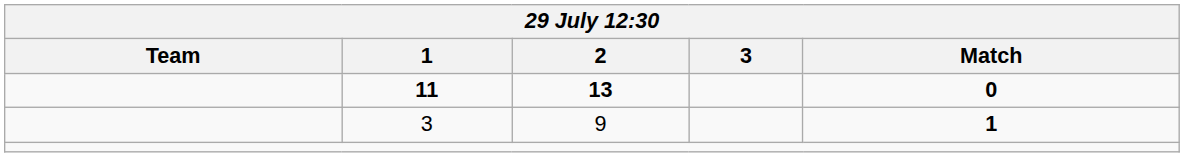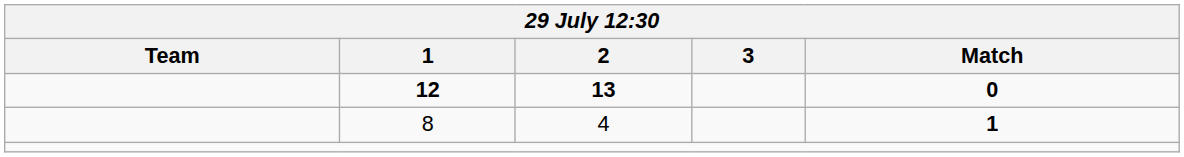 <table class=wikitable style="text-align:center; width: 55%">
 <tr>
 <th colspan=10><em>29 July 12:30</em></th>
 </tr>
 <tr>
 <th>Team</th>
 <th>1</th>
 <th>2</th>
 <th>3</th>
 <th>Match</th>
 </tr>
 <tr>
 <td align=left><strong><br></strong></td>
-<td><strong>11</strong></td>
+<td><strong>12</strong></td>
 <td><strong>13</strong></td>
 <td></td>
 <td><strong>0</strong></td>
 </tr>
 <tr>
 <td align=left><br></td>
-<td>3</td>
-<td>9</td>
+<td>8</td>
+<td>4</td>
 <td></td>
 <td><strong>1</strong></td>
 </tr>
 <tr>
 <td colspan=10></td>
 </tr>
 </table>
